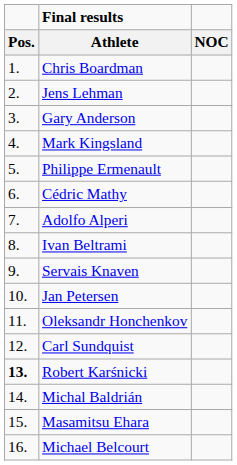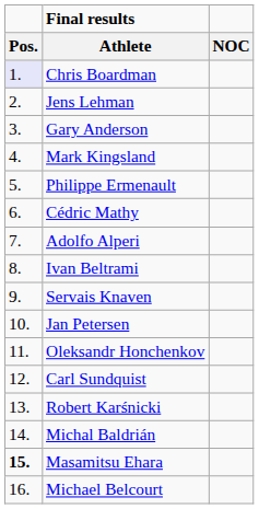 <table class="wikitable" style="font-size:95%;">
 <tr>
 <td></td>
 <td><strong>Final results</strong></td>
 </tr>
 <tr>
 <th>Pos.</th>
 <th>Athlete</th>
 <th>NOC</th>
 </tr>
 <tr>
-<td>1.</td>
+<td style="background: lavender;">1.</td>
 <td><a href='#'>Chris Boardman</a></td>
 <td></td>
 </tr>
 <tr>
 <td>2.</td>
 <td><a href='#'>Jens Lehman</a></td>
 <td></td>
 </tr>
 <tr>
 <td>3.</td>
 <td><a href='#'>Gary Anderson</a></td>
 <td></td>
 </tr>
 <tr>
 <td>4.</td>
 <td><a href='#'>Mark Kingsland</a></td>
 <td></td>
 </tr>
 <tr>
 <td>5.</td>
 <td><a href='#'>Philippe Ermenault</a></td>
 <td></td>
 </tr>
 <tr>
 <td>6.</td>
 <td><a href='#'>Cédric Mathy</a></td>
 <td></td>
 </tr>
 <tr>
 <td>7.</td>
 <td><a href='#'>Adolfo Alperi</a></td>
 <td></td>
 </tr>
 <tr>
 <td>8.</td>
 <td><a href='#'>Ivan Beltrami</a></td>
 <td></td>
 </tr>
 <tr>
 <td>9.</td>
 <td><a href='#'>Servais Knaven</a></td>
 <td></td>
 </tr>
 <tr>
 <td>10.</td>
 <td><a href='#'>Jan Petersen</a></td>
 <td></td>
 </tr>
 <tr>
 <td>11.</td>
 <td><a href='#'>Oleksandr Honchenkov</a></td>
 <td></td>
 </tr>
 <tr>
 <td>12.</td>
 <td><a href='#'>Carl Sundquist</a></td>
 <td></td>
 </tr>
 <tr>
-<td><strong>13.</strong></td>
+<td>13.</td>
 <td><a href='#'>Robert Karśnicki</a></td>
 <td></td>
 </tr>
 <tr>
 <td>14.</td>
 <td><a href='#'>Michal Baldrián</a></td>
 <td></td>
 </tr>
 <tr>
-<td>15.</td>
+<td><strong>15.</strong></td>
 <td><a href='#'>Masamitsu Ehara</a></td>
 <td></td>
 </tr>
 <tr>
 <td>16.</td>
 <td><a href='#'>Michael Belcourt</a></td>
 <td></td>
 </tr>
 </table>
